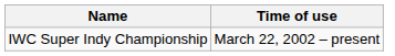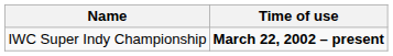 <table class="wikitable" border="1">
 <tr>
 <th>Name</th>
 <th>Time of use</th>
 </tr>
 <tr>
 <td>IWC Super Indy Championship</td>
-<td>March 22, 2002 – present</td>
+<td><strong>March 22, 2002 – present</strong></td>
 </tr>
 </table>
